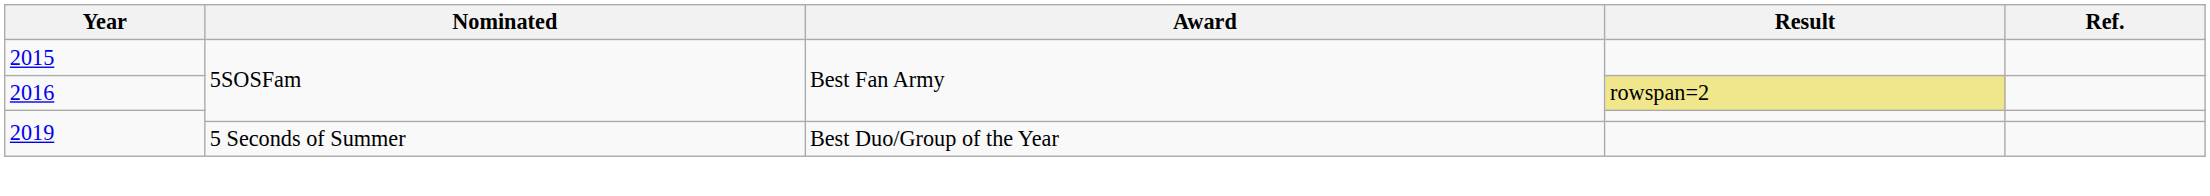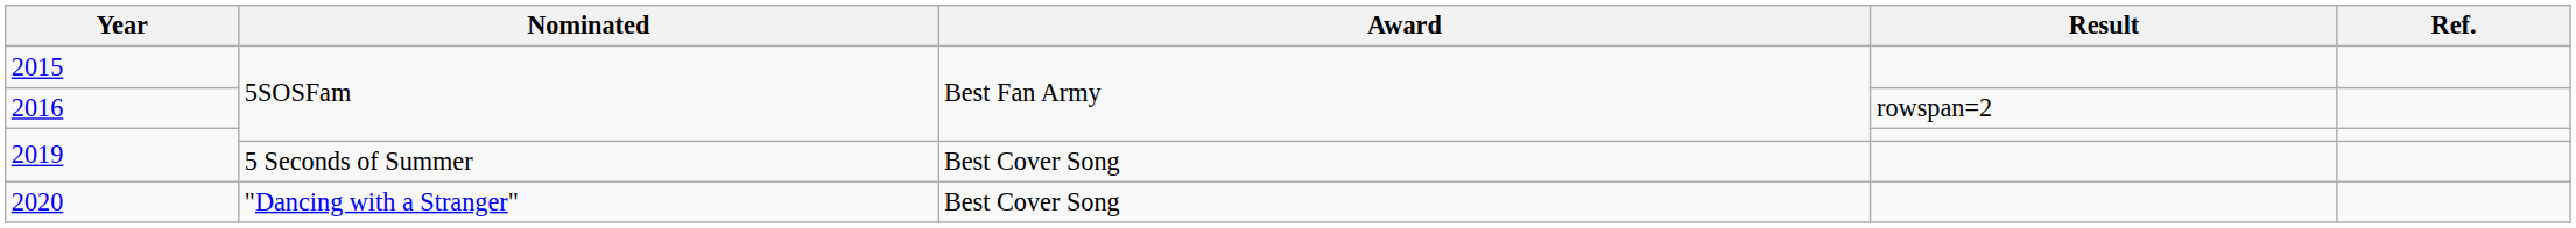 <table class="wikitable" style="width:100%;">
 <tr>
 <th width=5%>Year</th>
 <th style="width:15%;">Nominated</th>
 <th style="width:20%;">Award</th>
 <th style="width:10%;">Result</th>
 <th style="width:5%;">Ref.</th>
 </tr>
 <tr>
 <td><a href='#'>2015</a></td>
 <td rowspan=3>5SOSFam</td>
 <td rowspan=3>Best Fan Army</td>
 <td></td>
 <td></td>
 </tr>
 <tr>
 <td><a href='#'>2016</a></td>
-<td style="background: khaki;">rowspan=2 </td>
+<td>rowspan=2 </td>
 <td></td>
 </tr>
 <tr>
 <td rowspan=2><a href='#'>2019</a></td>
 <td></td>
 </tr>
 <tr>
 <td>5 Seconds of Summer</td>
-<td>Best Duo/Group of the Year</td>
+<td>Best Cover Song</td>
+<td></td>
+<td></td>
+</tr>
+<tr>
+<td><a href='#'>2020</a></td>
+<td>"<a href='#'>Dancing with a Stranger</a>"</td>
+<td>Best Cover Song</td>
 <td></td>
 <td></td>
 </tr>
 </table>
